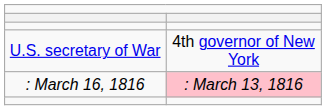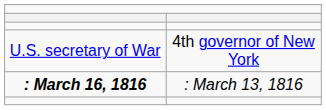 <table class="wikitable" style="font-size:90%">
 <tr>
 <td colspan="9" style="text-align:center; width:280px; font-size:120%; color:white; background:"><em></em></td>
 </tr>
 <tr>
 <th scope="col" style="width:3em; font-size:120%;"></th>
 <th scope="col" style="width:3em; font-size:120%;"></th>
 </tr>
 <tr>
 <td></td>
 <td></td>
 </tr>
 <tr style="text-align:center">
 <td><a href='#'>U.S. secretary of War</a> <br> </td>
 <td>4th <a href='#'>governor of New York</a> <br> </td>
 </tr>
 <tr style="text-align:center">
-<td><em>: March 16, 1816</em> <br> </td>
-<td style="background: pink;"><em>: March 13, 1816</em> <br> </td>
+<td><strong><em>: March 16, 1816</em> <br> </strong></td>
+<td><em>: March 13, 1816</em> <br> </td>
 </tr>
 <tr style="text-align:center">
 <td></td>
 <td></td>
 </tr>
 </table>
